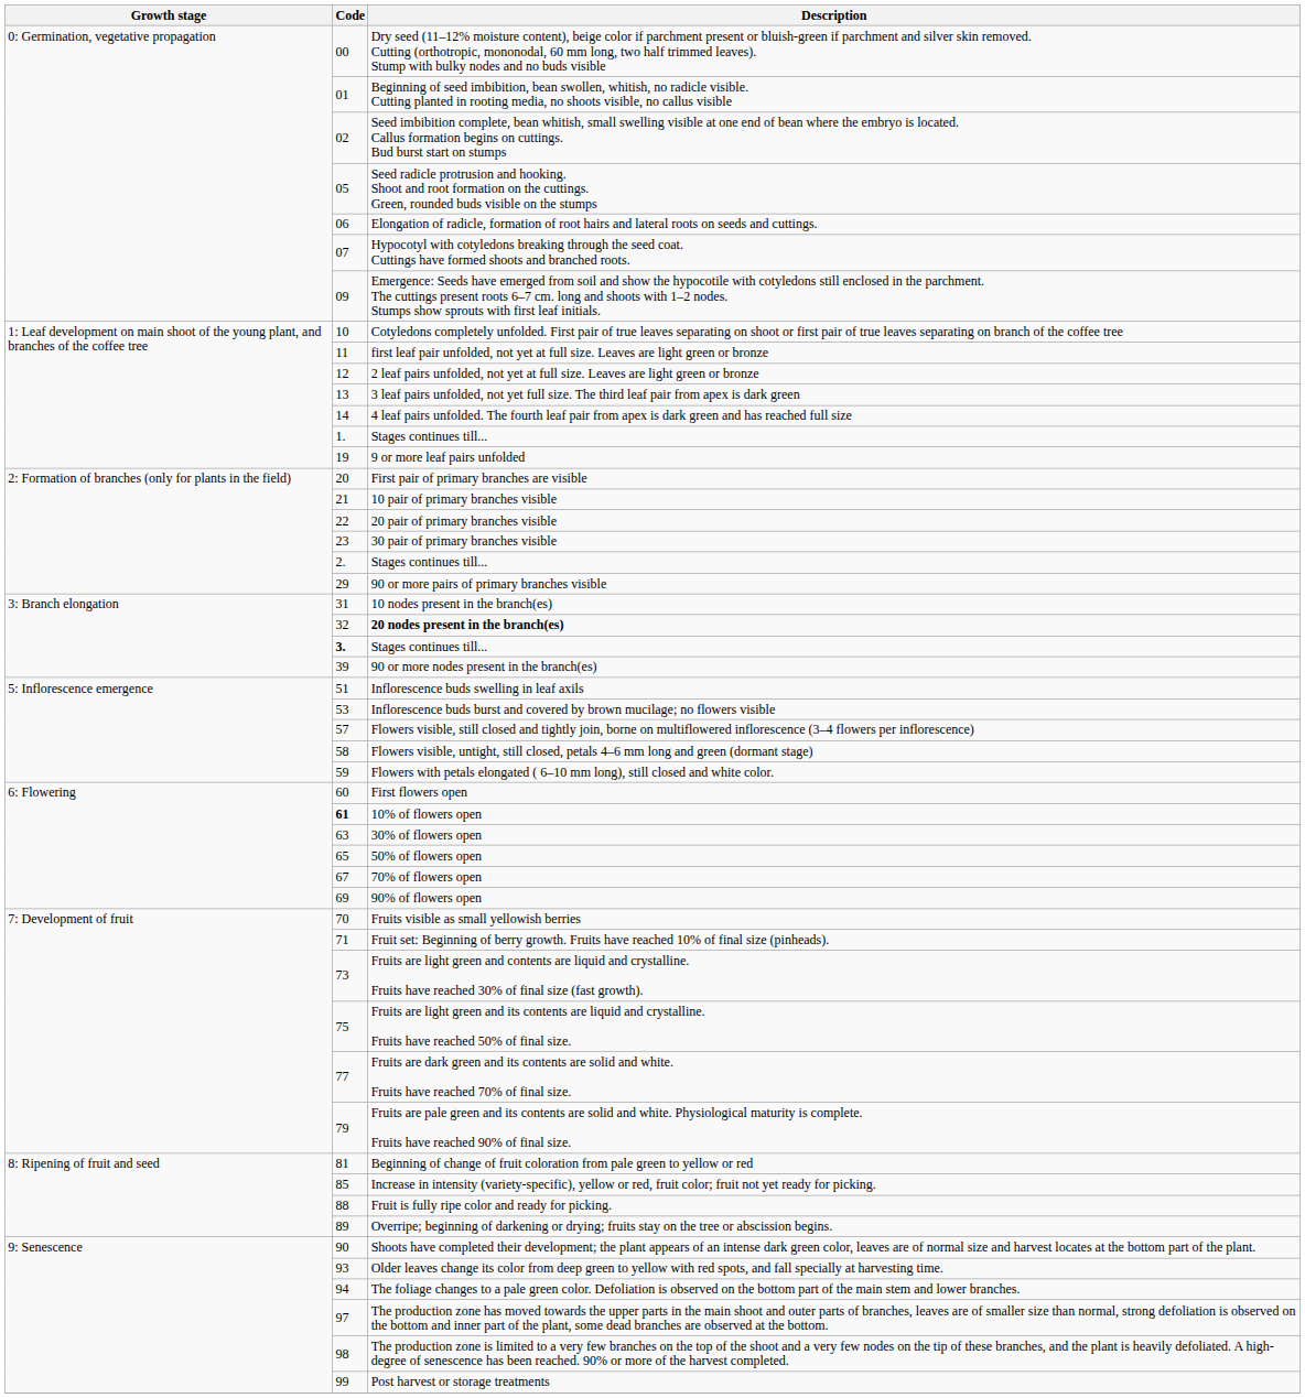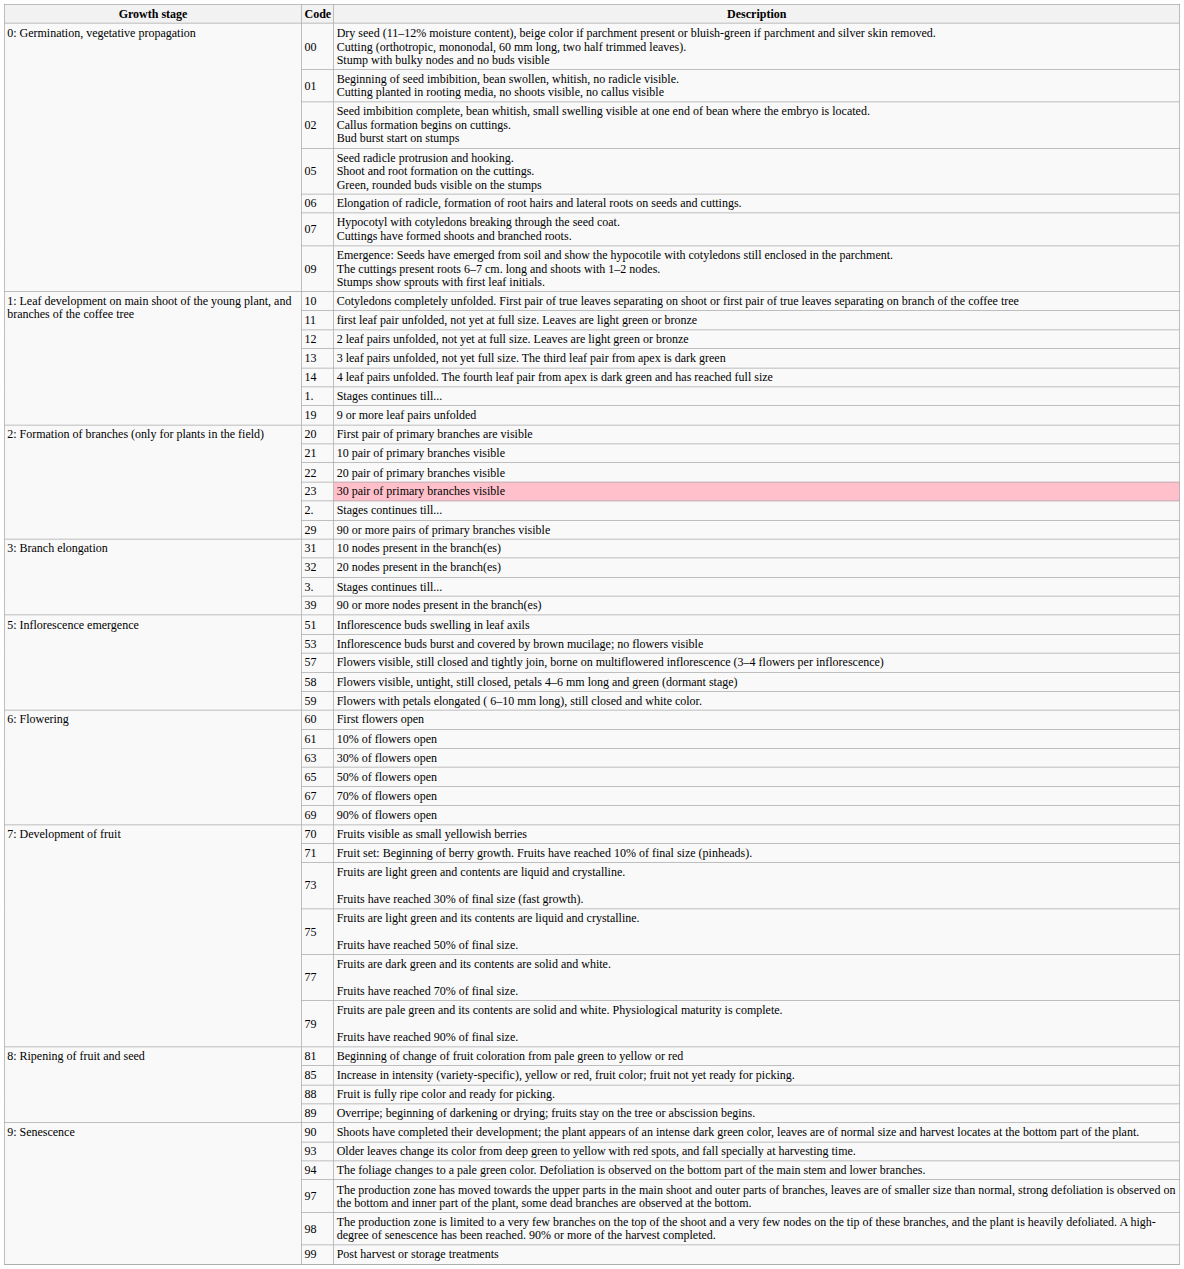 <table class="wikitable" style="clear">
 <tr>
 <th>Growth stage</th>
 <th>Code</th>
 <th>Description</th>
 </tr>
 <tr>
 <td rowspan="7" style="vertical-align:top">0: Germination, vegetative propagation</td>
 <td>00</td>
 <td>Dry seed (11–12% moisture content), beige color if parchment present or bluish-green if parchment and silver skin removed. <br>Cutting (orthotropic, mononodal, 60 mm long, two half trimmed leaves). <br>Stump with bulky nodes and no buds visible</td>
 </tr>
 <tr>
 <td>01</td>
 <td>Beginning of seed imbibition, bean swollen, whitish, no radicle visible. <br>Cutting planted in rooting media, no shoots visible, no callus visible</td>
 </tr>
 <tr>
 <td>02</td>
 <td>Seed imbibition complete, bean whitish, small swelling visible at one end of bean where the embryo is located. <br>Callus formation begins on cuttings. <br>Bud burst start on stumps</td>
 </tr>
 <tr>
 <td>05</td>
 <td>Seed radicle protrusion and hooking. <br>Shoot and root formation on the cuttings.<br> Green, rounded buds visible on the stumps</td>
 </tr>
 <tr>
 <td>06</td>
 <td>Elongation of radicle, formation of root hairs and lateral roots on seeds and cuttings.</td>
 </tr>
 <tr>
 <td>07</td>
 <td>Hypocotyl with cotyledons breaking through the seed coat. <br>Cuttings have formed shoots and branched roots.</td>
 </tr>
 <tr>
 <td>09</td>
 <td>Emergence: Seeds have emerged from soil and show the hypocotile with cotyledons still enclosed in the parchment. <br>The cuttings present roots 6–7 cm. long and shoots with 1–2 nodes. <br>Stumps show sprouts with first leaf initials.</td>
 </tr>
 <tr>
 <td rowspan="7" style="vertical-align:top">1: Leaf development on main shoot of the young plant, and branches of the coffee tree</td>
 <td>10</td>
 <td>Cotyledons completely unfolded. First pair of true leaves separating on shoot or first pair of true leaves separating on branch of the coffee tree</td>
 </tr>
 <tr>
 <td>11</td>
 <td>first leaf pair unfolded, not yet at full size. Leaves are light green or bronze</td>
 </tr>
 <tr>
 <td>12</td>
 <td>2 leaf pairs unfolded, not yet at full size. Leaves are light green or bronze</td>
 </tr>
 <tr>
 <td>13</td>
 <td>3 leaf pairs unfolded, not yet full size. The third leaf pair from apex is dark green</td>
 </tr>
 <tr>
 <td>14</td>
 <td>4 leaf pairs unfolded. The fourth leaf pair from apex is dark green and has reached full size</td>
 </tr>
 <tr>
 <td>1.</td>
 <td>Stages continues till...</td>
 </tr>
 <tr>
 <td>19</td>
 <td>9 or more leaf pairs unfolded</td>
 </tr>
 <tr>
 <td rowspan="6" style="vertical-align:top">2: Formation of branches (only for plants in the field)</td>
 <td>20</td>
 <td>First pair of primary branches are visible</td>
 </tr>
 <tr>
 <td>21</td>
 <td>10 pair of primary branches visible</td>
 </tr>
 <tr>
 <td>22</td>
 <td>20 pair of primary branches visible</td>
 </tr>
 <tr>
 <td>23</td>
-<td>30 pair of primary branches visible</td>
+<td style="background: pink;">30 pair of primary branches visible</td>
 </tr>
 <tr>
 <td>2.</td>
 <td>Stages continues till...</td>
 </tr>
 <tr>
 <td>29</td>
 <td>90 or more pairs of primary branches visible</td>
 </tr>
 <tr>
 <td rowspan="4" style="vertical-align:top">3: Branch elongation</td>
 <td>31</td>
 <td>10 nodes present in the branch(es)</td>
 </tr>
 <tr>
 <td>32</td>
-<td><strong>20 nodes present in the branch(es)</strong></td>
+<td>20 nodes present in the branch(es)</td>
 </tr>
 <tr>
-<td><strong>3.</strong></td>
+<td>3.</td>
 <td>Stages continues till...</td>
 </tr>
 <tr>
 <td>39</td>
 <td>90 or more nodes present in the branch(es)</td>
 </tr>
 <tr>
 <td rowspan="5" style="vertical-align:top">5: Inflorescence emergence</td>
 <td>51</td>
 <td>Inflorescence buds swelling in leaf axils</td>
 </tr>
 <tr>
 <td>53</td>
 <td>Inflorescence buds burst and covered by brown mucilage; no flowers visible</td>
 </tr>
 <tr>
 <td>57</td>
 <td>Flowers visible, still closed and tightly join, borne on multiflowered inflorescence (3–4 flowers per inflorescence)</td>
 </tr>
 <tr>
 <td>58</td>
 <td>Flowers visible, untight, still closed, petals 4–6 mm long and green (dormant stage)</td>
 </tr>
 <tr>
 <td>59</td>
 <td>Flowers with petals elongated ( 6–10 mm long), still closed and white color.</td>
 </tr>
 <tr>
 <td rowspan="6" style="vertical-align:top">6: Flowering</td>
 <td>60</td>
 <td>First flowers open</td>
 </tr>
 <tr>
-<td><strong>61</strong></td>
+<td>61</td>
 <td>10% of flowers open</td>
 </tr>
 <tr>
 <td>63</td>
 <td>30% of flowers open</td>
 </tr>
 <tr>
 <td>65</td>
 <td>50% of flowers open</td>
 </tr>
 <tr>
 <td>67</td>
 <td>70% of flowers open</td>
 </tr>
 <tr>
 <td>69</td>
 <td>90% of flowers open</td>
 </tr>
 <tr>
 <td rowspan="6" style="vertical-align:top">7: Development of fruit</td>
 <td>70</td>
 <td>Fruits visible as small yellowish berries</td>
 </tr>
 <tr>
 <td>71</td>
 <td>Fruit set: Beginning of berry growth. Fruits have reached 10% of final size (pinheads).</td>
 </tr>
 <tr>
 <td>73</td>
 <td>Fruits are light green and contents are liquid and crystalline. <br><br>Fruits have reached 30% of final size (fast growth).</td>
 </tr>
 <tr>
 <td>75</td>
 <td>Fruits are light green and its contents are liquid and crystalline. <br><br>Fruits have reached 50% of final size.</td>
 </tr>
 <tr>
 <td>77</td>
 <td>Fruits are dark green and its contents are solid and white. <br><br>Fruits have reached 70% of final size.</td>
 </tr>
 <tr>
 <td>79</td>
 <td>Fruits are pale green and its contents are solid and white. Physiological maturity is complete. <br><br>Fruits have reached 90% of final size.</td>
 </tr>
 <tr>
 <td rowspan="4" style="vertical-align:top">8: Ripening of fruit and seed</td>
 <td>81</td>
 <td>Beginning of change of fruit coloration from pale green to yellow or red</td>
 </tr>
 <tr>
 <td>85</td>
 <td>Increase in intensity (variety-specific), yellow or red, fruit color; fruit not yet ready for picking.</td>
 </tr>
 <tr>
 <td>88</td>
 <td>Fruit is fully ripe color and ready for picking.</td>
 </tr>
 <tr>
 <td>89</td>
 <td>Overripe; beginning of darkening or drying; fruits stay on the tree or abscission begins.</td>
 </tr>
 <tr>
 <td rowspan="6" style="vertical-align:top">9: Senescence</td>
 <td>90</td>
 <td>Shoots have completed their development; the plant appears of an intense dark green color, leaves are of normal size and harvest locates at the bottom part of the plant.</td>
 </tr>
 <tr>
 <td>93</td>
 <td>Older leaves change its color from deep green to yellow with red spots, and fall specially at harvesting time.</td>
 </tr>
 <tr>
 <td>94</td>
 <td>The foliage changes to a pale green color. Defoliation is observed on the bottom part of the main stem and lower branches.</td>
 </tr>
 <tr>
 <td>97</td>
 <td>The production zone has moved towards the upper parts in the main shoot and outer parts of branches, leaves are of smaller size than normal, strong defoliation is observed on the bottom and inner part of the plant, some dead branches are observed at the bottom.</td>
 </tr>
 <tr>
 <td>98</td>
 <td>The production zone is limited to a very few branches on the top of the shoot and a very few nodes on the tip of these branches, and the plant is heavily defoliated. A high-degree of senescence has been reached. 90% or more of the harvest completed.</td>
 </tr>
 <tr>
 <td>99</td>
 <td>Post harvest or storage treatments</td>
 </tr>
 <tr>
 </tr>
 </table>
